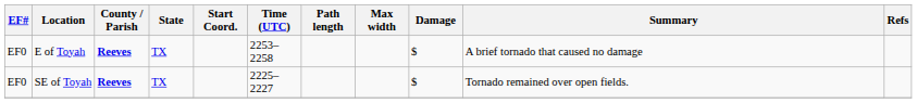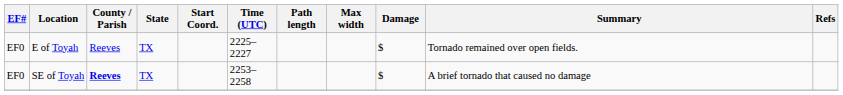 <table class="wikitable sortable" style="width:100%;">
 <tr>
 <th scope="col" width="3%" align="center"><a href='#'>EF#</a></th>
 <th scope="col" width="7%" align="center" class="unsortable">Location</th>
 <th scope="col" width="6%" align="center" class="unsortable">County / Parish</th>
 <th scope="col" width="5%" align="center">State</th>
 <th scope="col" width="6%" align="center">Start Coord.</th>
 <th scope="col" width="6%" align="center">Time (<a href='#'>UTC</a>)</th>
 <th scope="col" width="6%" align="center">Path length</th>
 <th scope="col" width="6%" align="center">Max width</th>
 <th scope="col" width="6%" align="center">Damage</th>
 <th scope="col" width="48%" class="unsortable" align="center">Summary</th>
 <th scope="col" width="48%" class="unsortable" align="center">Refs</th>
 </tr>
 <tr>
 <td>EF0</td>
 <td>E of <a href='#'>Toyah</a></td>
+<td><a href='#'>Reeves</a></td>
+<td><a href='#'>TX</a></td>
+<td></td>
+<td>2225–2227</td>
+<td></td>
+<td></td>
+<td>$</td>
+<td>Tornado remained over open fields.</td>
+<td></td>
+</tr>
+<tr>
+<td>EF0</td>
+<td>SE of <a href='#'>Toyah</a></td>
 <td><strong><a href='#'>Reeves</a></strong></td>
 <td><a href='#'>TX</a></td>
 <td></td>
 <td>2253–2258</td>
 <td></td>
 <td></td>
 <td>$</td>
 <td>A brief tornado that caused no damage</td>
 <td></td>
 </tr>
 <tr>
-<td>EF0</td>
-<td>SE of <a href='#'>Toyah</a></td>
-<td><strong><a href='#'>Reeves</a></strong></td>
-<td><a href='#'>TX</a></td>
-<td></td>
-<td>2225–2227</td>
-<td></td>
-<td></td>
-<td>$</td>
-<td>Tornado remained over open fields.</td>
-<td></td>
-</tr>
-<tr>
 </tr>
 </table>
